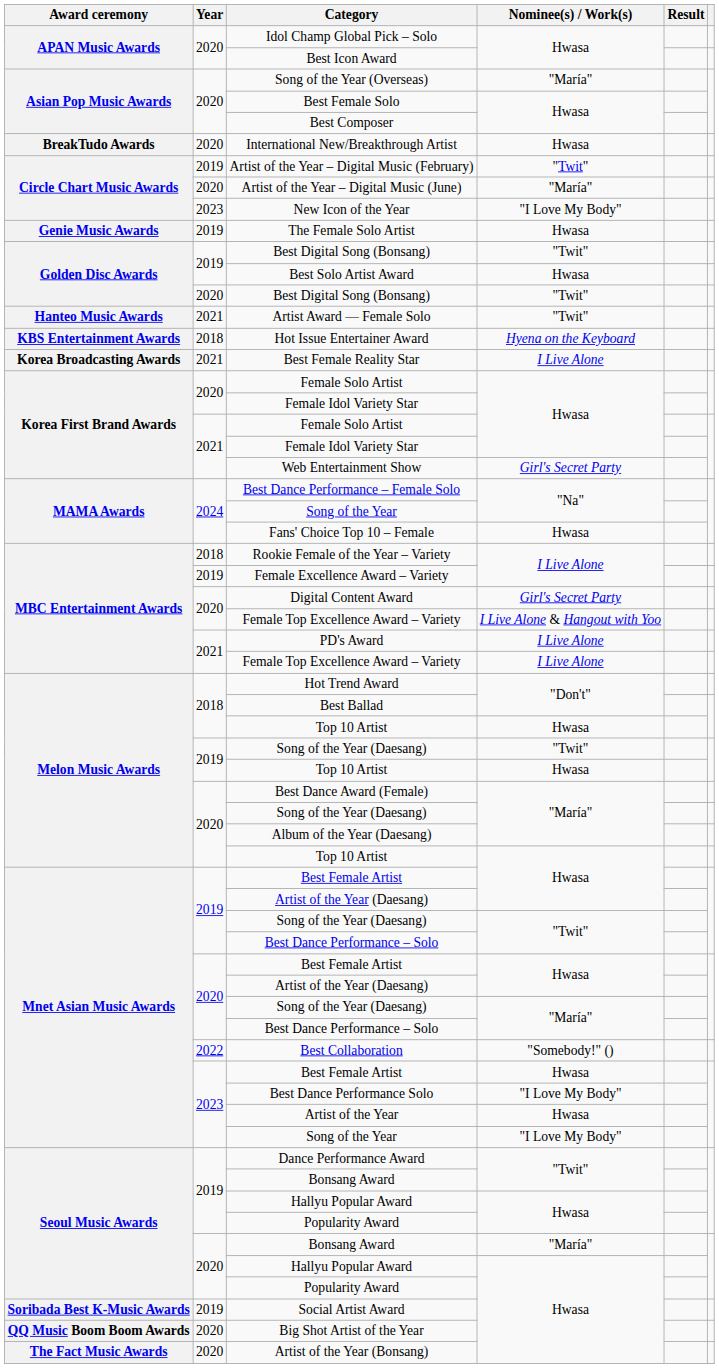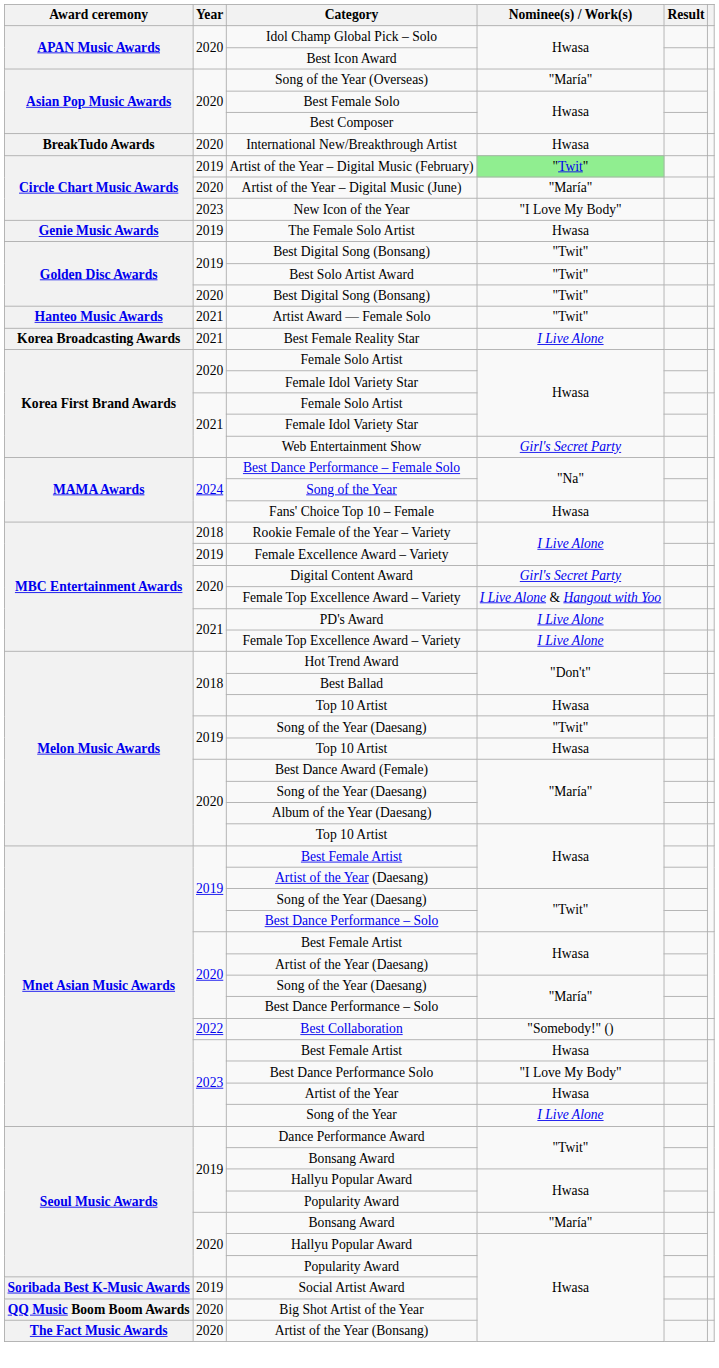 <table class="wikitable sortable plainrowheaders" style="text-align:center;">
 <tr>
 <th scope="col">Award ceremony</th>
 <th scope="col">Year</th>
 <th scope="col">Category</th>
 <th scope="col">Nominee(s) / Work(s)</th>
 <th scope="col">Result</th>
 <th scope="col" class="unsortable"></th>
 </tr>
 <tr>
 <th scope="row" rowspan="2"><a href='#'>APAN Music Awards</a> </th>
 <td rowspan="2">2020</td>
 <td>Idol Champ Global Pick – Solo</td>
 <td rowspan="2">Hwasa</td>
 <td></td>
 <td></td>
 </tr>
 <tr>
 <td>Best Icon Award</td>
 <td></td>
 <td></td>
 </tr>
 <tr>
 <th scope="row" rowspan="3"><a href='#'>Asian Pop Music Awards</a></th>
 <td rowspan="3">2020</td>
 <td>Song of the Year (Overseas)</td>
 <td>"María"</td>
 <td></td>
 <td rowspan="3"></td>
 </tr>
 <tr>
 <td>Best Female Solo</td>
 <td rowspan="2">Hwasa</td>
 <td></td>
 </tr>
 <tr>
 <td>Best Composer</td>
 <td></td>
 </tr>
 <tr>
 <th scope="row" rowspan="1">BreakTudo Awards</th>
 <td rowspan="1">2020</td>
 <td>International New/Breakthrough Artist</td>
 <td rowspan="1">Hwasa</td>
 <td></td>
 <td></td>
 </tr>
 <tr>
 <th scope="row" rowspan="3"><a href='#'>Circle Chart Music Awards</a> </th>
 <td>2019</td>
 <td>Artist of the Year – Digital Music (February)</td>
-<td>"<a href='#'>Twit</a>"</td>
+<td style="background: lightgreen;">"<a href='#'>Twit</a>"</td>
 <td></td>
 <td></td>
 </tr>
 <tr>
 <td>2020</td>
 <td>Artist of the Year – Digital Music (June)</td>
 <td>"María"</td>
 <td></td>
 <td></td>
 </tr>
 <tr>
 <td>2023</td>
 <td>New Icon of the Year</td>
 <td>"I Love My Body"</td>
 <td></td>
 <td></td>
 </tr>
 <tr>
 <th scope="row"><a href='#'>Genie Music Awards</a></th>
 <td>2019</td>
 <td>The Female Solo Artist</td>
 <td>Hwasa</td>
 <td></td>
 <td></td>
 </tr>
 <tr>
 <th scope="row" rowspan="3"><a href='#'>Golden Disc Awards</a></th>
 <td rowspan="2">2019</td>
 <td>Best Digital Song (Bonsang)</td>
 <td>"Twit"</td>
 <td></td>
 <td></td>
 </tr>
 <tr>
 <td>Best Solo Artist Award</td>
-<td>Hwasa</td>
+<td>"Twit"</td>
 <td></td>
 <td></td>
 </tr>
 <tr>
 <td>2020</td>
 <td>Best Digital Song (Bonsang)</td>
 <td>"Twit"</td>
 <td></td>
 <td></td>
 </tr>
 <tr>
 <th scope="row"><a href='#'>Hanteo Music Awards</a></th>
 <td>2021</td>
 <td>Artist Award — Female Solo</td>
 <td>"Twit"</td>
-<td></td>
-<td></td>
-</tr>
-<tr>
-<th scope="row"><a href='#'>KBS Entertainment Awards</a> </th>
-<td>2018</td>
-<td>Hot Issue Entertainer Award</td>
-<td><em><a href='#'>Hyena on the Keyboard</a></em> </td>
 <td></td>
 <td></td>
 </tr>
 <tr>
 <th scope="row">Korea Broadcasting Awards</th>
 <td>2021</td>
 <td>Best Female Reality Star</td>
 <td><em><a href='#'>I Live Alone</a></em></td>
 <td></td>
 <td></td>
 </tr>
 <tr>
 <th scope="row" rowspan="5">Korea First Brand Awards</th>
 <td rowspan="2">2020</td>
 <td>Female Solo Artist</td>
 <td rowspan="4">Hwasa</td>
 <td></td>
 <td rowspan="2"></td>
 </tr>
 <tr>
 <td>Female Idol Variety Star</td>
 <td></td>
 </tr>
 <tr>
 <td rowspan="3">2021</td>
 <td>Female Solo Artist</td>
 <td></td>
 <td rowspan="3"></td>
 </tr>
 <tr>
 <td>Female Idol Variety Star</td>
 <td></td>
 </tr>
 <tr>
 <td>Web Entertainment Show</td>
 <td><em><a href='#'>Girl's Secret Party</a></em></td>
 <td></td>
 </tr>
 <tr>
 <th scope="row" rowspan="3"><a href='#'>MAMA Awards</a></th>
 <td rowspan="3"><a href='#'>2024</a></td>
 <td><a href='#'>Best Dance Performance – Female Solo</a></td>
 <td rowspan="2">"Na"</td>
 <td></td>
 <td rowspan="3"></td>
 </tr>
 <tr>
 <td><a href='#'>Song of the Year</a></td>
 <td></td>
 </tr>
 <tr>
 <td>Fans' Choice Top 10 – Female</td>
 <td>Hwasa</td>
 <td></td>
 </tr>
 <tr>
 <th rowspan="6" scope="row"><a href='#'>MBC Entertainment Awards</a></th>
 <td>2018</td>
 <td>Rookie Female of the Year – Variety</td>
 <td rowspan="2"><em><a href='#'>I Live Alone</a></em></td>
 <td></td>
 <td></td>
 </tr>
 <tr>
 <td>2019</td>
 <td>Female Excellence Award – Variety</td>
 <td></td>
 <td></td>
 </tr>
 <tr>
 <td rowspan="2">2020</td>
 <td>Digital Content Award</td>
 <td><em><a href='#'>Girl's Secret Party</a></em></td>
 <td></td>
 <td></td>
 </tr>
 <tr>
 <td>Female Top Excellence Award – Variety</td>
 <td><em><a href='#'>I Live Alone</a></em> & <em><a href='#'>Hangout with Yoo</a></em></td>
 <td></td>
 <td></td>
 </tr>
 <tr>
 <td rowspan="2">2021</td>
 <td>PD's Award</td>
 <td><em><a href='#'>I Live Alone</a></em> </td>
 <td></td>
 <td></td>
 </tr>
 <tr>
 <td>Female Top Excellence Award – Variety</td>
 <td><em><a href='#'>I Live Alone</a></em></td>
 <td></td>
 <td></td>
 </tr>
 <tr>
 <th scope="row" rowspan="9"><a href='#'>Melon Music Awards</a></th>
 <td rowspan="3">2018</td>
 <td>Hot Trend Award</td>
 <td rowspan="2">"Don't" </td>
 <td></td>
 <td></td>
 </tr>
 <tr>
 <td>Best Ballad</td>
 <td></td>
 <td rowspan="2"></td>
 </tr>
 <tr>
 <td>Top 10 Artist</td>
 <td>Hwasa</td>
 <td></td>
 </tr>
 <tr>
 <td rowspan="2">2019</td>
 <td>Song of the Year (Daesang)</td>
 <td>"Twit"</td>
 <td></td>
 <td rowspan="2"></td>
 </tr>
 <tr>
 <td>Top 10 Artist</td>
 <td>Hwasa</td>
 <td></td>
 </tr>
 <tr>
 <td rowspan="4">2020</td>
 <td>Best Dance Award (Female)</td>
 <td rowspan="3">"María"</td>
 <td></td>
 <td></td>
 </tr>
 <tr>
 <td>Song of the Year (Daesang)</td>
 <td></td>
 <td></td>
 </tr>
 <tr>
 <td>Album of the Year (Daesang)</td>
 <td></td>
 <td></td>
 </tr>
 <tr>
 <td>Top 10 Artist</td>
 <td rowspan="3">Hwasa</td>
 <td></td>
 <td></td>
 </tr>
 <tr>
 <th scope="row" rowspan="13"><a href='#'>Mnet Asian Music Awards</a></th>
 <td rowspan="4"><a href='#'>2019</a></td>
 <td><a href='#'>Best Female Artist</a></td>
 <td></td>
 <td rowspan="4"></td>
 </tr>
 <tr>
 <td><a href='#'>Artist of the Year</a> (Daesang)</td>
 <td></td>
 </tr>
 <tr>
 <td>Song of the Year (Daesang)</td>
 <td rowspan="2">"Twit"</td>
 <td></td>
 </tr>
 <tr>
 <td><a href='#'>Best Dance Performance – Solo</a></td>
 <td></td>
 </tr>
 <tr>
 <td rowspan="4"><a href='#'>2020</a></td>
 <td>Best Female Artist</td>
 <td rowspan="2">Hwasa</td>
 <td></td>
 <td rowspan="4"></td>
 </tr>
 <tr>
 <td>Artist of the Year (Daesang)</td>
 <td></td>
 </tr>
 <tr>
 <td>Song of the Year (Daesang)</td>
 <td rowspan="2">"María"</td>
 <td></td>
 </tr>
 <tr>
 <td>Best Dance Performance – Solo</td>
 <td></td>
 </tr>
 <tr>
 <td><a href='#'>2022</a></td>
 <td><a href='#'>Best Collaboration</a></td>
 <td>"Somebody!" ()</td>
 <td></td>
 <td></td>
 </tr>
 <tr>
 <td rowspan="4"><a href='#'>2023</a></td>
 <td>Best Female Artist</td>
 <td>Hwasa</td>
 <td></td>
 <td rowspan="4"></td>
 </tr>
 <tr>
 <td>Best Dance Performance Solo</td>
 <td>"I Love My Body"</td>
 <td></td>
 </tr>
 <tr>
 <td>Artist of the Year</td>
 <td>Hwasa</td>
 <td></td>
 </tr>
 <tr>
 <td>Song of the Year</td>
-<td>"I Love My Body"</td>
+<td><em><a href='#'>I Live Alone</a></em></td>
 <td></td>
 </tr>
 <tr>
 <th scope="row" rowspan="7"><a href='#'>Seoul Music Awards</a> </th>
 <td rowspan="4">2019</td>
 <td>Dance Performance Award</td>
 <td rowspan="2">"Twit"</td>
 <td></td>
 <td rowspan="4"></td>
 </tr>
 <tr>
 <td>Bonsang Award</td>
 <td></td>
 </tr>
 <tr>
 <td>Hallyu Popular Award</td>
 <td rowspan="2">Hwasa</td>
 <td></td>
 </tr>
 <tr>
 <td>Popularity Award</td>
 <td></td>
 </tr>
 <tr>
 <td rowspan="3">2020</td>
 <td>Bonsang Award</td>
 <td>"María"</td>
 <td></td>
 <td rowspan="3"></td>
 </tr>
 <tr>
 <td>Hallyu Popular Award</td>
 <td rowspan="5">Hwasa</td>
 <td></td>
 </tr>
 <tr>
 <td>Popularity Award</td>
 <td></td>
 </tr>
 <tr>
 <th scope="row"><a href='#'>Soribada Best K-Music Awards</a></th>
 <td>2019</td>
 <td>Social Artist Award</td>
 <td></td>
 <td></td>
 </tr>
 <tr>
 <th scope="row"><a href='#'>QQ Music</a> Boom Boom Awards </th>
 <td>2020</td>
 <td>Big Shot Artist of the Year</td>
 <td></td>
 <td></td>
 </tr>
 <tr>
 <th scope="row"><a href='#'>The Fact Music Awards</a> </th>
 <td>2020</td>
 <td>Artist of the Year (Bonsang)</td>
 <td></td>
 <td></td>
 </tr>
 </table>
